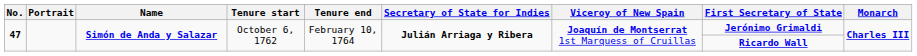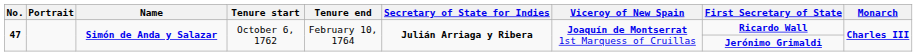 <table class="wikitable" style="text-align:center" |>
 <tr>
 <th>No.</th>
 <th>Portrait</th>
 <th width="200px">Name</th>
 <th width="100px">Tenure start</th>
 <th width="100px">Tenure end</th>
 <th><a href='#'>Secretary of State for Indies</a></th>
 <th width="200px"><a href='#'>Viceroy of New Spain</a></th>
 <th><a href='#'>First Secretary of State</a></th>
 <th><a href='#'>Monarch</a></th>
 </tr>
 <tr>
 <td rowspan="2"><strong>47</strong></td>
 <td rowspan="2"></td>
 <td rowspan="2"><strong><a href='#'>Simón de Anda y Salazar</a></strong><br></td>
 <td rowspan="2">October 6,<br>1762</td>
 <td rowspan="2">February 10,<br>1764</td>
 <td rowspan="2"><strong>Julián Arriaga y Ribera</strong> </td>
 <td rowspan="2"><a href='#'><strong>Joaquín de Montserrat</strong><br>1st Marquess of Cruillas</a><br></td>
-<td><strong><a href='#'>Jerónimo Grimaldi</a></strong> </td>
+<td><a href='#'><strong>Ricardo Wall</strong></a> </td>
 <td rowspan="2"><a href='#'><strong>Charles III</strong></a><br></td>
 </tr>
 <tr>
-<td><a href='#'><strong>Ricardo Wall</strong></a> </td>
+<td><strong><a href='#'>Jerónimo Grimaldi</a></strong> </td>
 </tr>
 </table>
